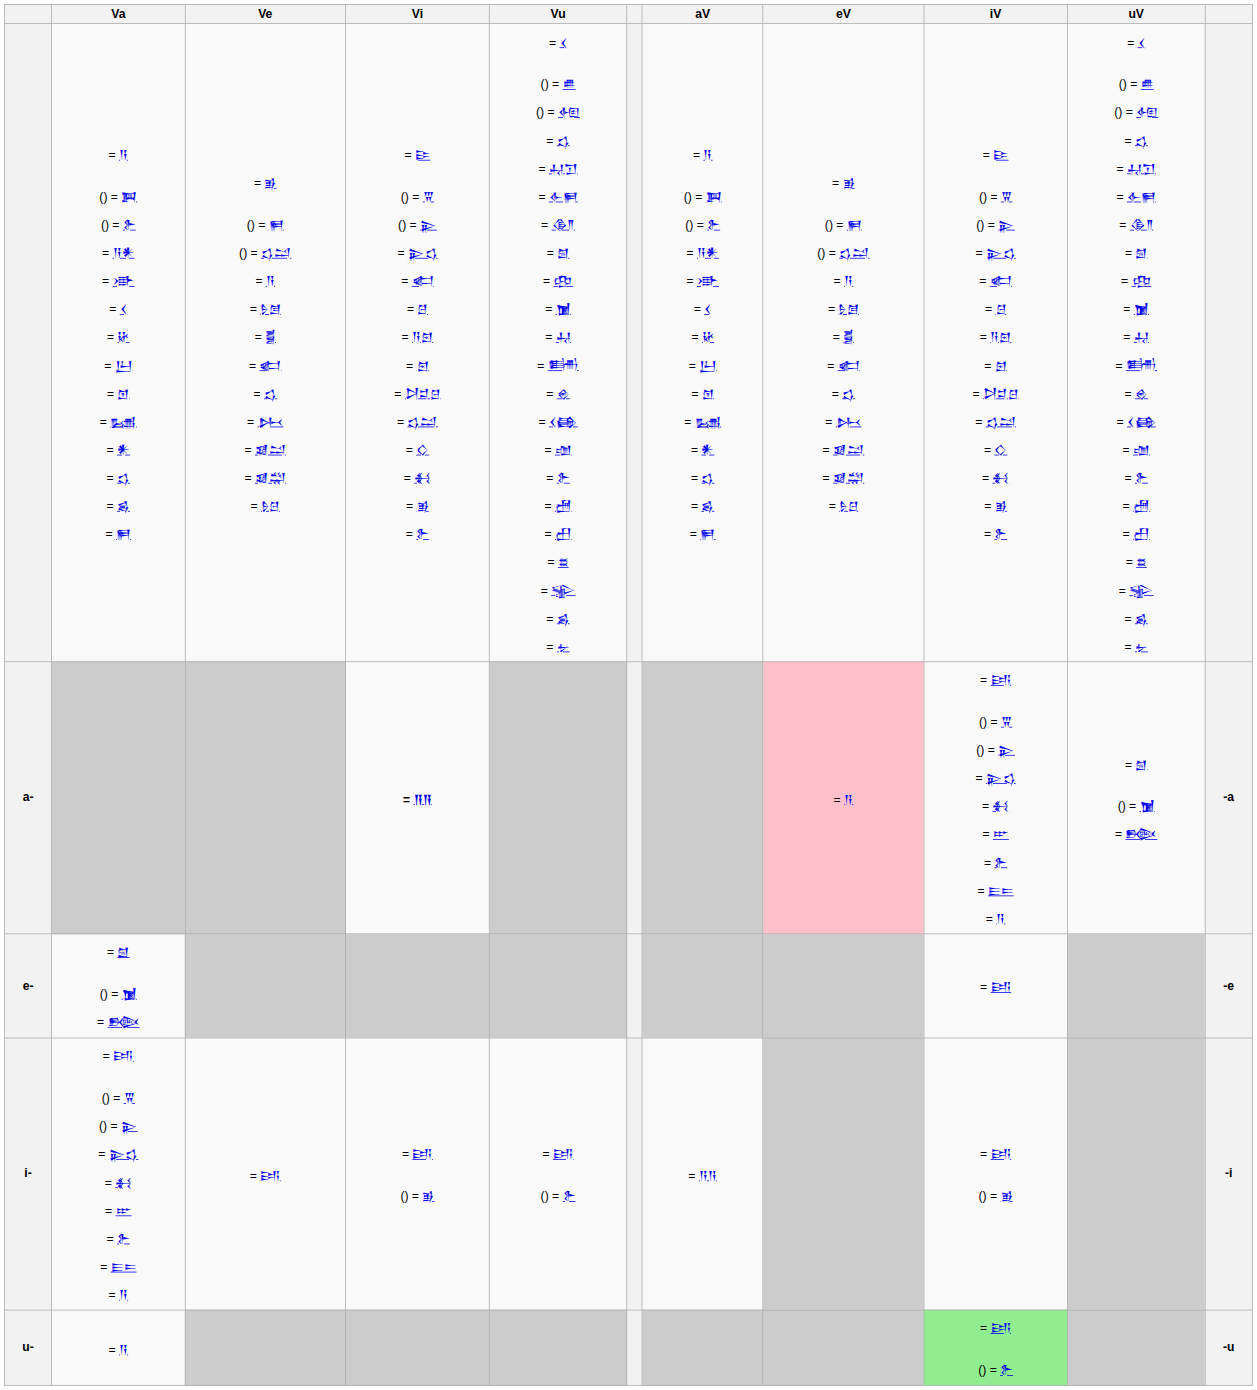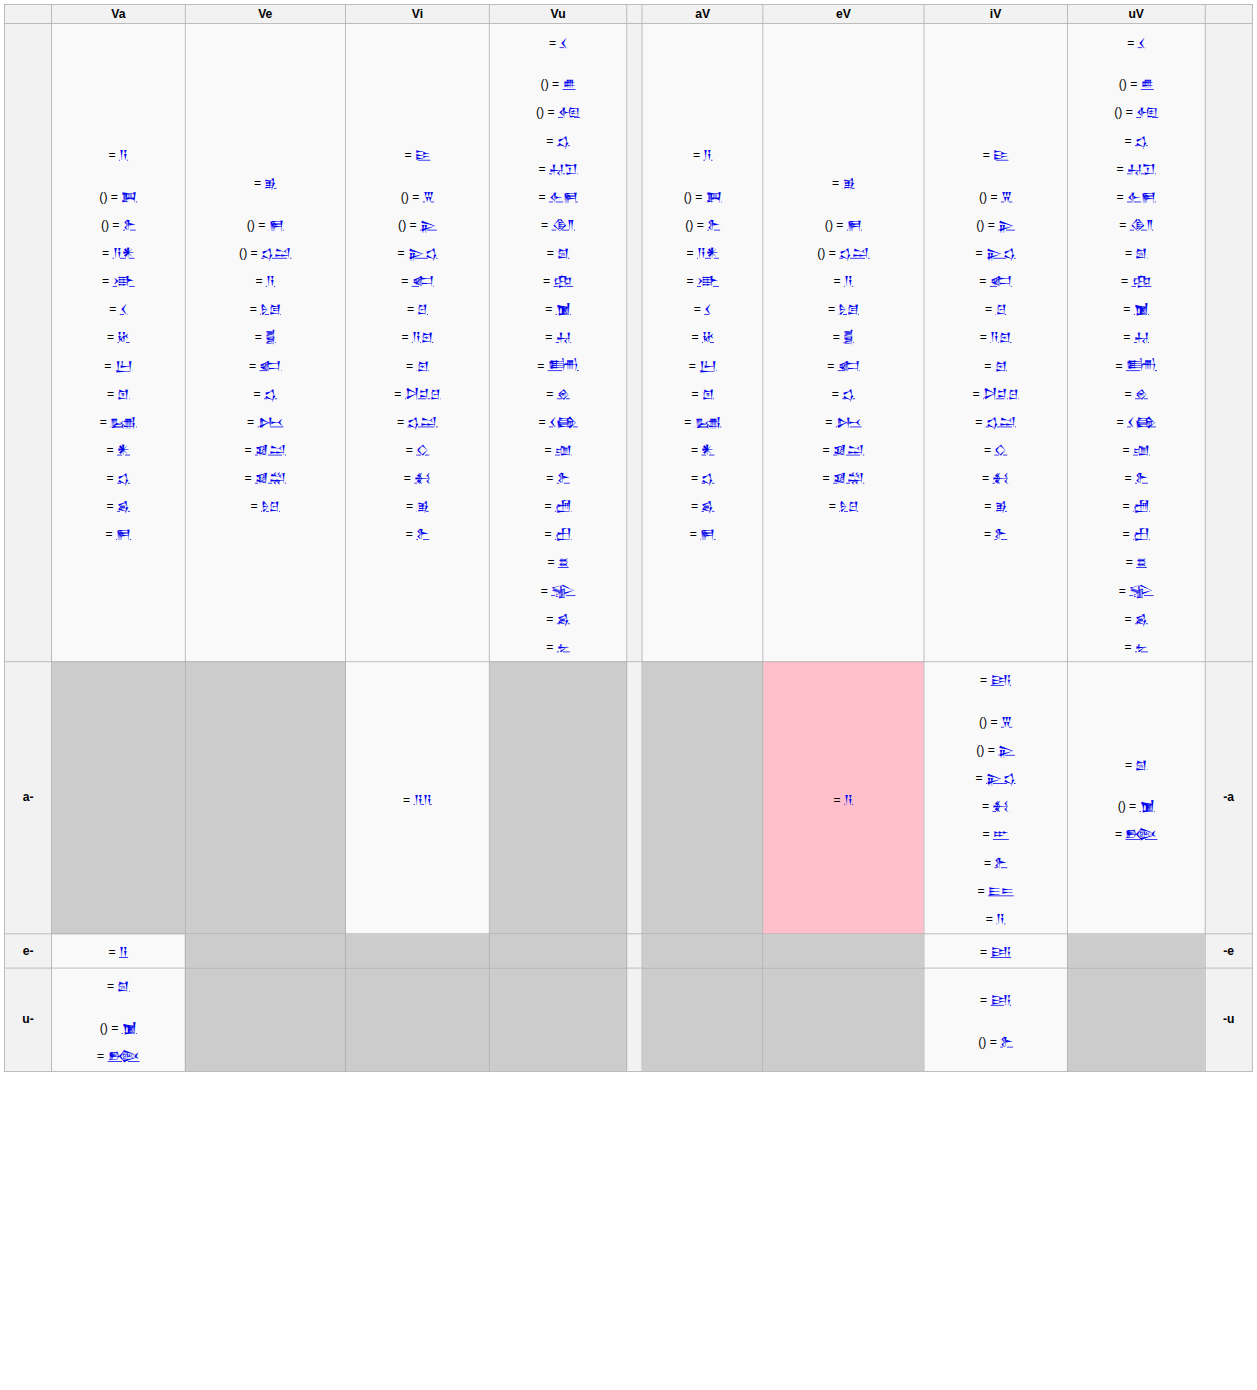 <table role="presentation" class="wikitable mw-collapsible mw-collapsed" style="margin:1em auto; width:130%;">
 <tr>
 <th></th>
 <th>Va</th>
 <th>Ve</th>
 <th>Vi</th>
 <th>Vu</th>
 <th></th>
 <th>aV</th>
 <th>eV</th>
 <th>iV</th>
 <th>uV</th>
 <th></th>
 </tr>
 <tr style="text-align:center">
 <th></th>
 <td> = <a href='#'>𒀀</a><br><br> () = <a href='#'>𒀉</a><br>  () = <a href='#'>𒉿</a><br>  = <a href='#'>𒀀𒀭</a><br>  = <a href='#'>𒀝</a><br>  = <a href='#'>𒌋</a><br>  = <a href='#'>𒄩</a><br>  = <a href='#'>𒌨</a><br>  = <a href='#'>𒆹</a><br>  = <a href='#'>𒊷</a><br>  = <a href='#'>𒀭</a><br>  = <a href='#'>𒌓</a><br>  = <a href='#'>𒌗</a><br>  = <a href='#'>𒂍</a></td>
 <td> = <a href='#'>𒂊</a><br><br> () = <a href='#'>𒂍</a><br>  () = <a href='#'>𒌓𒁺</a><br>  = <a href='#'>𒀀</a><br>  = <a href='#'>𒊩𒌆</a><br>  = <a href='#'>𒋣</a><br>  = <a href='#'>𒅗</a><br>  = <a href='#'>𒌓</a><br>  = <a href='#'>𒉄</a><br>  = <a href='#'>𒇯𒁺</a><br>  = <a href='#'>𒇯𒁽</a><br>  = <a href='#'>𒊩𒆪</a></td>
 <td> = <a href='#'>𒄿</a><br><br> () = <a href='#'>𒐊</a><br>  () = <a href='#'>𒉌</a><br>  = <a href='#'>𒉌𒌓</a><br>  = <a href='#'>𒅗</a><br>  = <a href='#'>𒆪</a><br>  = <a href='#'>𒀀𒇉</a><br>  = <a href='#'>𒇉</a><br>  = <a href='#'>𒋖𒄑𒆪</a><br>  = <a href='#'>𒌓𒁺</a><br>  = <a href='#'>𒄭</a><br>  = <a href='#'>𒈬</a><br>  = <a href='#'>𒂊</a><br>  = <a href='#'>𒉿</a></td>
 <td> = <a href='#'>𒌋</a><br><br> () = <a href='#'>𒌑</a><br>  () = <a href='#'>𒅇</a><br>  = <a href='#'>𒌓</a><br>  = <a href='#'>𒄷𒋛</a><br>  = <a href='#'>𒅆𒂍</a><br>  = <a href='#'>𒆠𒈫</a><br>  = <a href='#'>𒇇</a><br>  = <a href='#'>𒂦</a><br>  = <a href='#'>𒁱</a><br>  = <a href='#'>𒄷</a><br>  = <a href='#'>𒌦</a><br>  = <a href='#'>𒄴</a><br>  = <a href='#'>𒌋𒂵</a><br>  = <a href='#'>𒌝</a><br>  = <a href='#'>𒉿</a><br>  = <a href='#'>𒍇</a><br>  = <a href='#'>𒌷</a><br>  = <a href='#'>𒊺</a><br>  = <a href='#'>𒊌</a><br>  = <a href='#'>𒌗</a><br>  = <a href='#'>𒉡</a></td>
 <th></th>
 <td> = <a href='#'>𒀀</a><br><br> () = <a href='#'>𒀉</a><br>  () = <a href='#'>𒉿</a><br>  = <a href='#'>𒀀𒀭</a><br>  = <a href='#'>𒀝</a><br>  = <a href='#'>𒌋</a><br>  = <a href='#'>𒄩</a><br>  = <a href='#'>𒌨</a><br>  = <a href='#'>𒆹</a><br>  = <a href='#'>𒊷</a><br>  = <a href='#'>𒀭</a><br>  = <a href='#'>𒌓</a><br>  = <a href='#'>𒌗</a><br>  = <a href='#'>𒂍</a></td>
 <td> = <a href='#'>𒂊</a><br><br> () = <a href='#'>𒂍</a><br>  () = <a href='#'>𒌓𒁺</a><br>  = <a href='#'>𒀀</a><br>  = <a href='#'>𒊩𒌆</a><br>  = <a href='#'>𒋣</a><br>  = <a href='#'>𒅗</a><br>  = <a href='#'>𒌓</a><br>  = <a href='#'>𒉄</a><br>  = <a href='#'>𒇯𒁺</a><br>  = <a href='#'>𒇯𒁽</a><br>  = <a href='#'>𒊩𒆪</a></td>
 <td> = <a href='#'>𒄿</a><br><br> () = <a href='#'>𒐊</a><br>  () = <a href='#'>𒉌</a><br>  = <a href='#'>𒉌𒌓</a><br>  = <a href='#'>𒅗</a><br>  = <a href='#'>𒆪</a><br>  = <a href='#'>𒀀𒇉</a><br>  = <a href='#'>𒇉</a><br>  = <a href='#'>𒋖𒄑𒆪</a><br>  = <a href='#'>𒌓𒁺</a><br>  = <a href='#'>𒄭</a><br>  = <a href='#'>𒈬</a><br>  = <a href='#'>𒂊</a><br>  = <a href='#'>𒉿</a></td>
 <td> = <a href='#'>𒌋</a><br><br> () = <a href='#'>𒌑</a><br>  () = <a href='#'>𒅇</a><br>  = <a href='#'>𒌓</a><br>  = <a href='#'>𒄷𒋛</a><br>  = <a href='#'>𒅆𒂍</a><br>  = <a href='#'>𒆠𒈫</a><br>  = <a href='#'>𒇇</a><br>  = <a href='#'>𒂦</a><br>  = <a href='#'>𒁱</a><br>  = <a href='#'>𒄷</a><br>  = <a href='#'>𒌦</a><br>  = <a href='#'>𒄴</a><br>  = <a href='#'>𒌋𒂵</a><br>  = <a href='#'>𒌝</a><br>  = <a href='#'>𒉿</a><br>  = <a href='#'>𒍇</a><br>  = <a href='#'>𒌷</a><br>  = <a href='#'>𒊺</a><br>  = <a href='#'>𒊌</a><br>  = <a href='#'>𒌗</a><br>  = <a href='#'>𒉡</a></td>
 <th></th>
 </tr>
 <tr style="text-align:center">
 <th>a-</th>
 <td style="background-color:#CCCCCC;"></td>
 <td style="background-color:#CCCCCC;"></td>
-<td><strong> = <a href='#'>𒀀𒀀</a></strong></td>
+<td> = <a href='#'>𒀀𒀀</a></td>
 <td style="background-color:#CCCCCC;"></td>
 <th></th>
 <td style="background-color:#CCCCCC;"></td>
 <td style="background: pink;"> = <a href='#'>𒀀</a></td>
 <td> = <a href='#'>𒅀</a><br><br> () = <a href='#'>𒐊</a><br>  () = <a href='#'>𒉌</a><br>  = <a href='#'>𒉌𒌓</a><br>  = <a href='#'>𒈬</a><br>  = <a href='#'>𒐃</a><br>  = <a href='#'>𒉿</a><br>  = <a href='#'>𒀼𒋰</a><br>  = <a href='#'>𒀀</a></td>
 <td> = <a href='#'>𒇇</a><br><br> () = <a href='#'>𒁱</a><br>  = <a href='#'>𒁦</a> <br></td>
 <th>-a</th>
 </tr>
 <tr style="text-align:center">
 <th>e-</th>
-<td> = <a href='#'>𒇇</a><br><br> () = <a href='#'>𒁱</a><br>  = <a href='#'>𒁦</a> <br></td>
+<td> = <a href='#'>𒀀</a></td>
 <td style="background-color:#CCCCCC;"></td>
 <td style="background-color:#CCCCCC;"></td>
 <td style="background-color:#CCCCCC;"></td>
 <th></th>
 <td style="background-color:#CCCCCC;"></td>
 <td style="background-color:#CCCCCC;"></td>
 <td> = <a href='#'>𒅀</a></td>
 <td style="background-color:#CCCCCC;"></td>
 <th>-e</th>
 </tr>
 <tr style="text-align:center">
-<th>i-</th>
-<td> = <a href='#'>𒅀</a><br><br> () = <a href='#'>𒐊</a><br>  () = <a href='#'>𒉌</a><br>  = <a href='#'>𒉌𒌓</a><br>  = <a href='#'>𒈬</a><br>  = <a href='#'>𒐃</a><br>  = <a href='#'>𒉿</a><br>  = <a href='#'>𒀼𒋰</a><br>  = <a href='#'>𒀀</a></td>
-<td> = <a href='#'>𒅀</a></td>
-<td> = <a href='#'>𒅀</a><br><br> () = <a href='#'>𒂊</a></td>
-<td> = <a href='#'>𒅀</a><br><br> () = <a href='#'>𒉿</a></td>
-<th></th>
-<td> = <a href='#'>𒀀𒀀</a></td>
-<td style="background-color:#CCCCCC;"></td>
-<td> = <a href='#'>𒅀</a><br><br> () = <a href='#'>𒂊</a></td>
-<td style="background-color:#CCCCCC;"></td>
-<th>-i</th>
-</tr>
-<tr style="text-align:center">
 <th>u-</th>
-<td> = <a href='#'>𒀀</a></td>
+<td> = <a href='#'>𒇇</a><br><br> () = <a href='#'>𒁱</a><br>  = <a href='#'>𒁦</a> <br></td>
 <td style="background-color:#CCCCCC;"></td>
 <td style="background-color:#CCCCCC;"></td>
 <td style="background-color:#CCCCCC;"></td>
 <th></th>
 <td style="background-color:#CCCCCC;"></td>
 <td style="background-color:#CCCCCC;"></td>
-<td style="background: lightgreen;"> = <a href='#'>𒅀</a><br><br> () = <a href='#'>𒉿</a></td>
+<td> = <a href='#'>𒅀</a><br><br> () = <a href='#'>𒉿</a></td>
 <td style="background-color:#CCCCCC;"></td>
 <th>-u</th>
 </tr>
 </table>
